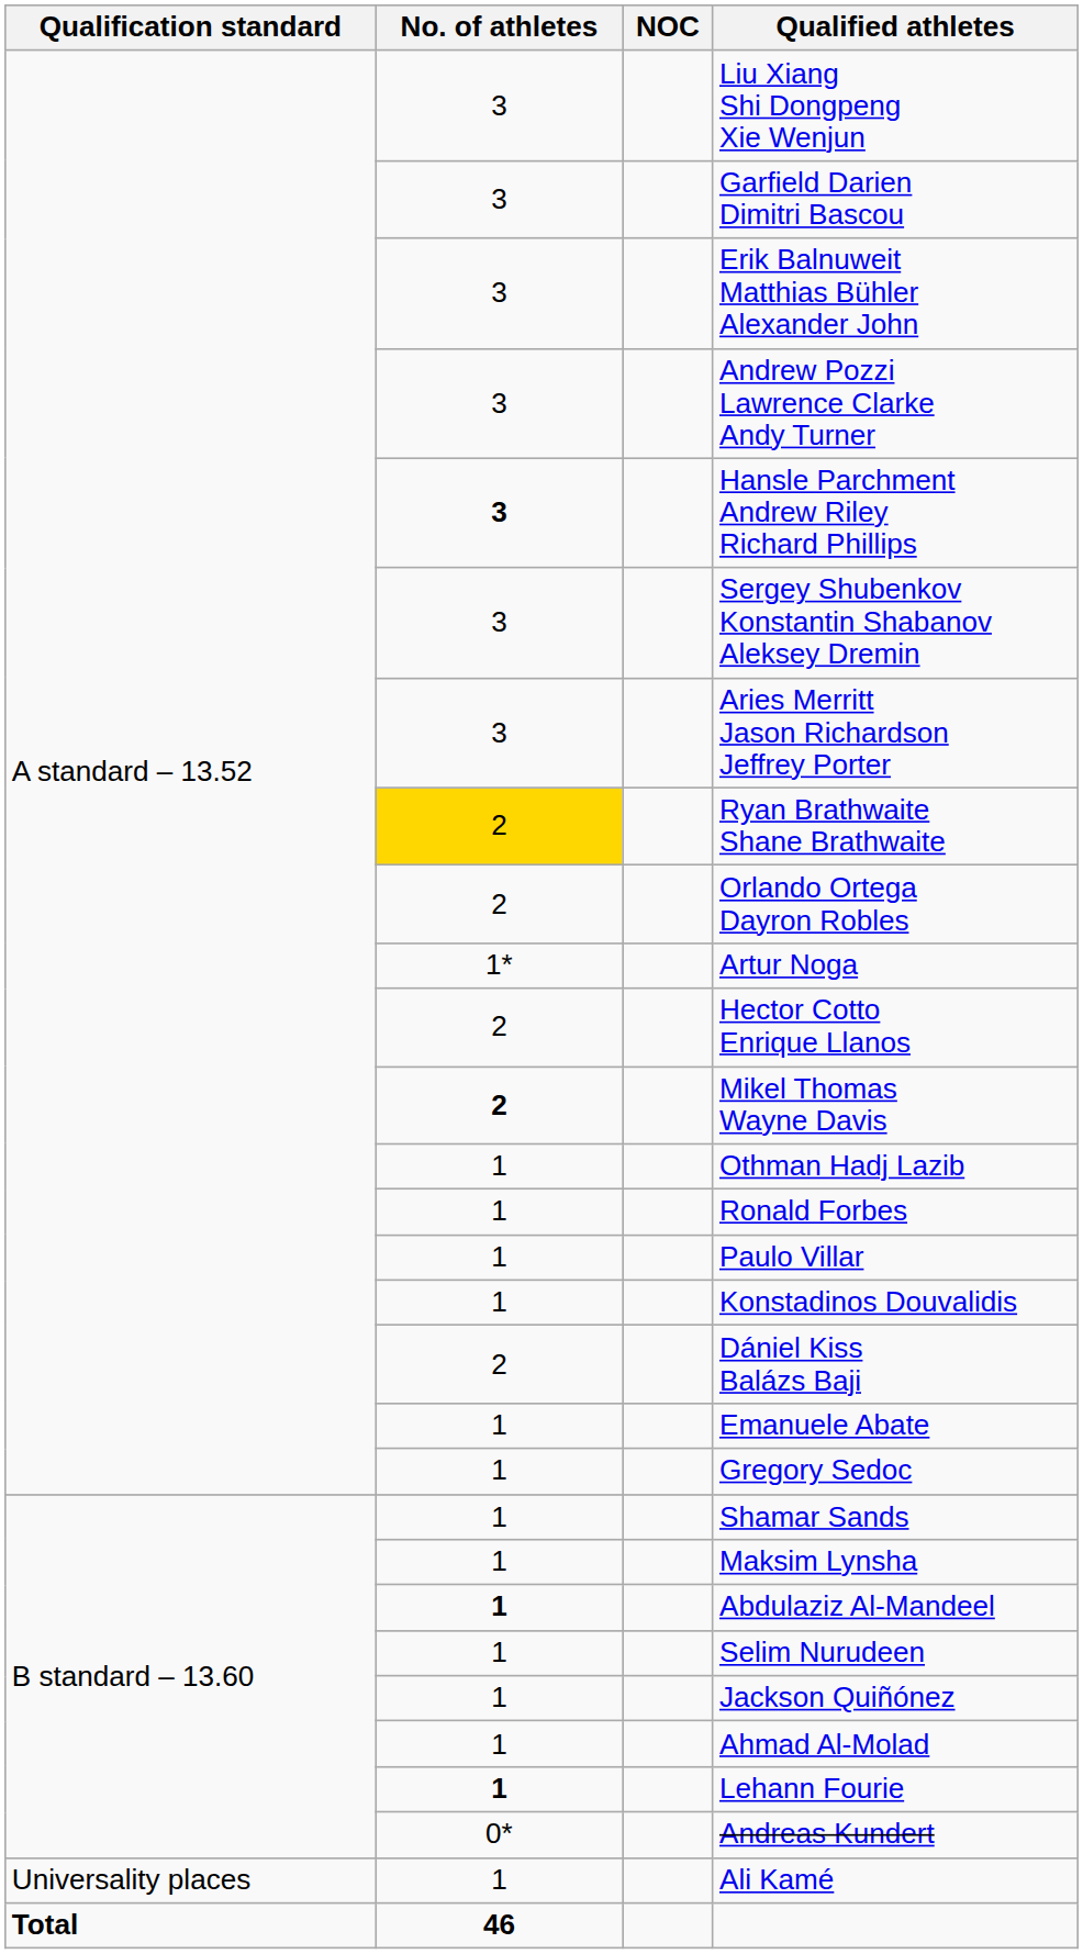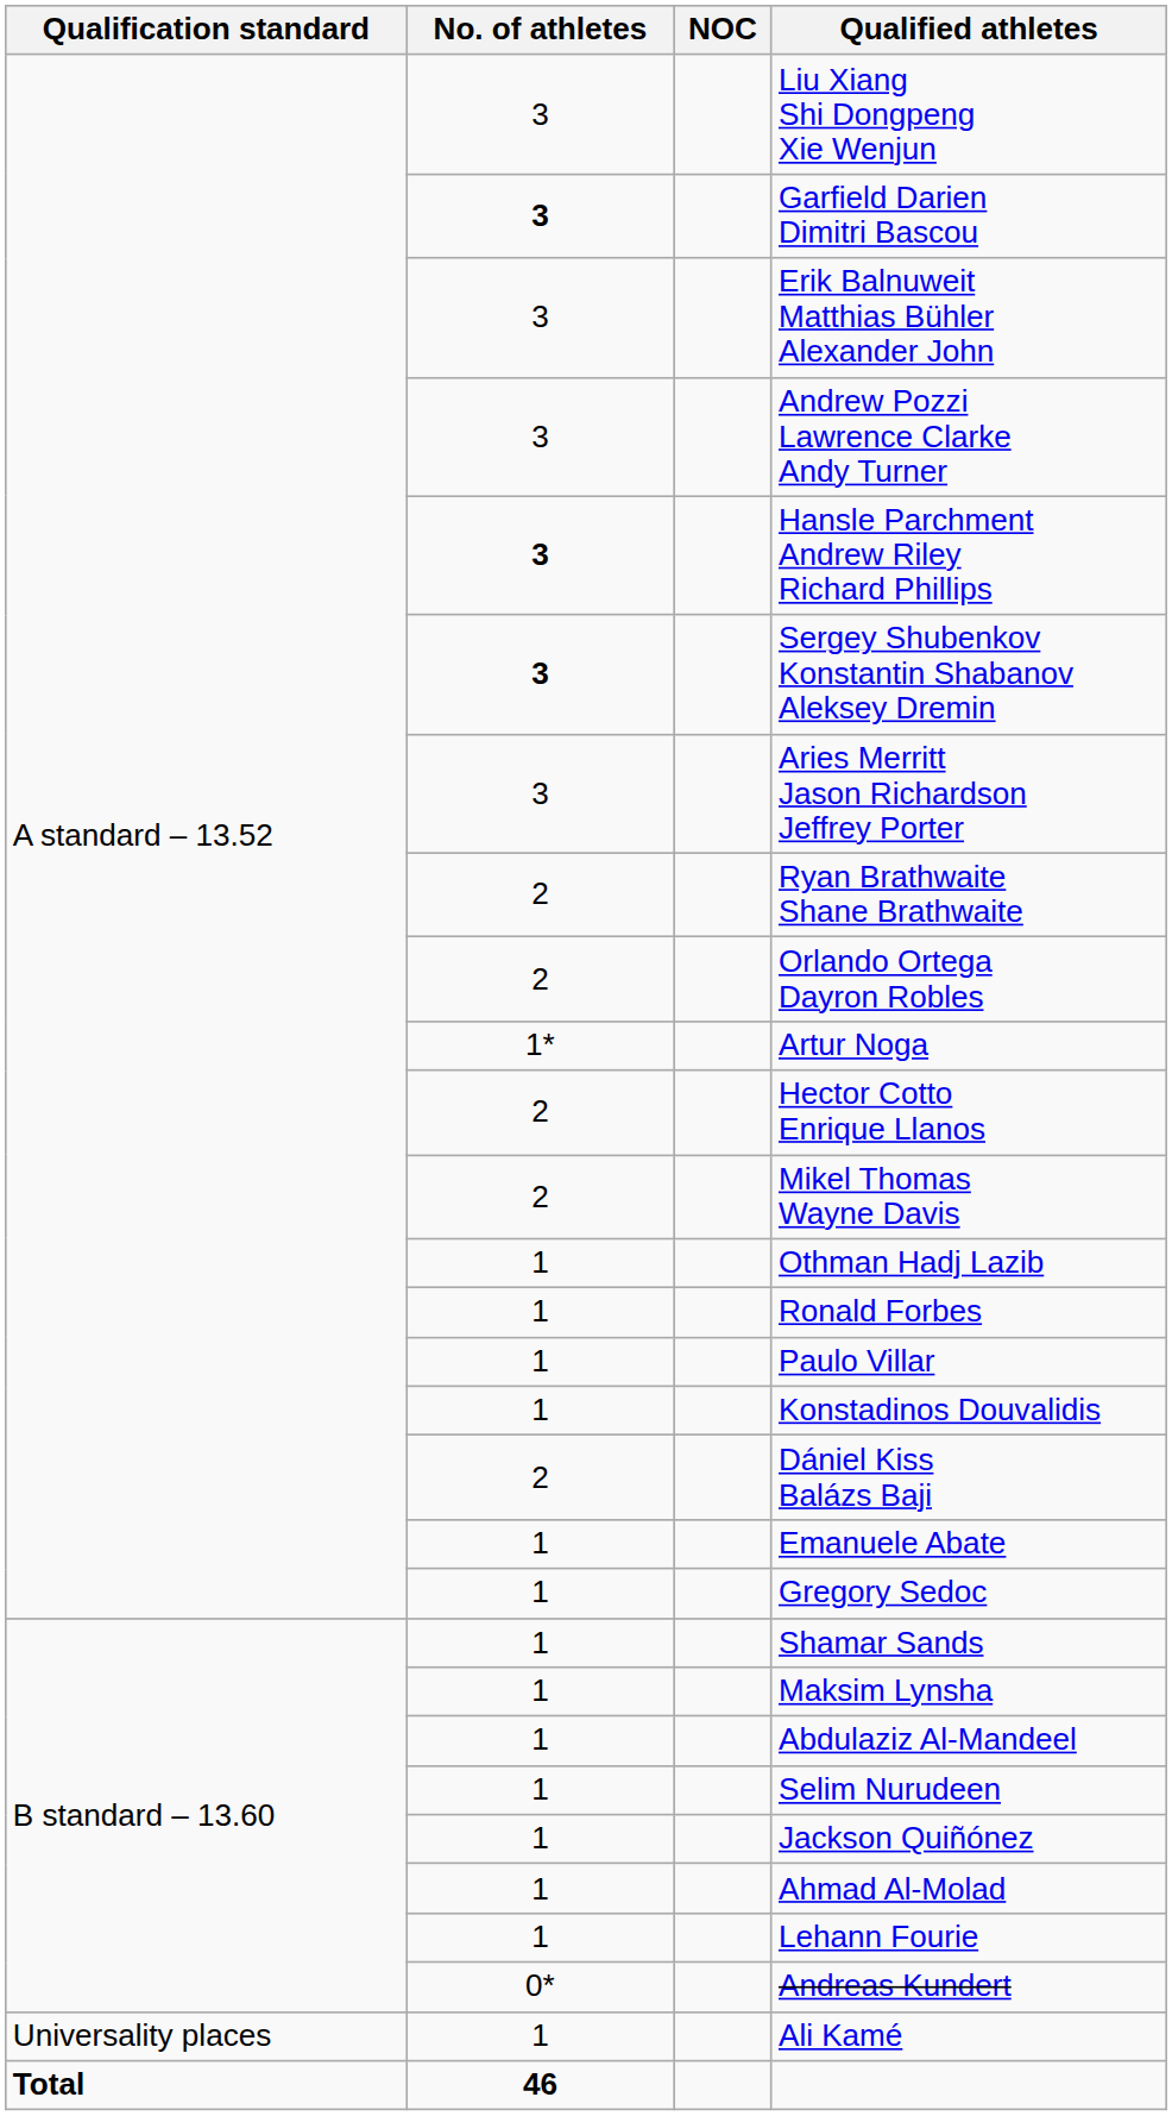 <table class="wikitable"  style="text-align:left; width:600px;">
 <tr>
 <th>Qualification standard</th>
 <th>No. of athletes</th>
 <th>NOC</th>
 <th>Qualified athletes</th>
 </tr>
 <tr>
 <td rowspan="19">A standard – 13.52</td>
 <td align=center>3</td>
 <td></td>
 <td><a href='#'>Liu Xiang</a><br><a href='#'>Shi Dongpeng</a><br><a href='#'>Xie Wenjun</a></td>
 </tr>
 <tr>
-<td align=center>3</td>
+<td align=center><strong>3</strong></td>
 <td></td>
 <td><a href='#'>Garfield Darien</a> <br> <a href='#'>Dimitri Bascou</a></td>
 </tr>
 <tr>
 <td align=center>3</td>
 <td></td>
 <td><a href='#'>Erik Balnuweit</a><br><a href='#'>Matthias Bühler</a><br><a href='#'>Alexander John</a></td>
 </tr>
 <tr>
 <td align=center>3</td>
 <td></td>
 <td><a href='#'>Andrew Pozzi</a><br><a href='#'>Lawrence Clarke</a><br><a href='#'>Andy Turner</a></td>
 </tr>
 <tr>
 <td align=center><strong>3</strong></td>
 <td></td>
 <td><a href='#'>Hansle Parchment</a><br><a href='#'>Andrew Riley</a><br><a href='#'>Richard Phillips</a></td>
 </tr>
 <tr>
-<td align=center>3</td>
+<td align=center><strong>3</strong></td>
 <td></td>
 <td><a href='#'>Sergey Shubenkov</a><br><a href='#'>Konstantin Shabanov</a><br><a href='#'>Aleksey Dremin</a></td>
 </tr>
 <tr>
 <td align=center>3</td>
 <td></td>
 <td><a href='#'>Aries Merritt</a><br><a href='#'>Jason Richardson</a><br><a href='#'>Jeffrey Porter</a></td>
 </tr>
 <tr>
-<td align=center style="background: gold;">2</td>
+<td align=center>2</td>
 <td></td>
 <td><a href='#'>Ryan Brathwaite</a><br><a href='#'>Shane Brathwaite</a></td>
 </tr>
 <tr>
 <td align=center>2</td>
 <td></td>
 <td><a href='#'>Orlando Ortega</a><br><a href='#'>Dayron Robles</a></td>
 </tr>
 <tr>
 <td align=center>1*</td>
 <td></td>
 <td><a href='#'>Artur Noga</a></td>
 </tr>
 <tr>
 <td align=center>2</td>
 <td></td>
 <td><a href='#'>Hector Cotto</a><br><a href='#'>Enrique Llanos</a></td>
 </tr>
 <tr>
-<td align=center><strong>2</strong></td>
+<td align=center>2</td>
 <td></td>
 <td><a href='#'>Mikel Thomas</a><br><a href='#'>Wayne Davis</a></td>
 </tr>
 <tr>
 <td align=center>1</td>
 <td></td>
 <td><a href='#'>Othman Hadj Lazib</a></td>
 </tr>
 <tr>
 <td align=center>1</td>
 <td></td>
 <td><a href='#'>Ronald Forbes</a></td>
 </tr>
 <tr>
 <td align=center>1</td>
 <td></td>
 <td><a href='#'>Paulo Villar</a></td>
 </tr>
 <tr>
 <td align=center>1</td>
 <td></td>
 <td><a href='#'>Konstadinos Douvalidis</a></td>
 </tr>
 <tr>
 <td align=center>2</td>
 <td></td>
 <td><a href='#'>Dániel Kiss</a><br><a href='#'>Balázs Baji</a></td>
 </tr>
 <tr>
 <td align=center>1</td>
 <td></td>
 <td><a href='#'>Emanuele Abate</a></td>
 </tr>
 <tr>
 <td align=center>1</td>
 <td></td>
 <td><a href='#'>Gregory Sedoc</a></td>
 </tr>
 <tr>
 <td rowspan="8">B standard – 13.60</td>
 <td align=center>1</td>
 <td></td>
 <td><a href='#'>Shamar Sands</a></td>
 </tr>
 <tr>
 <td align=center>1</td>
 <td></td>
 <td><a href='#'>Maksim Lynsha</a></td>
 </tr>
 <tr>
-<td align=center><strong>1</strong></td>
+<td align=center>1</td>
 <td></td>
 <td><a href='#'>Abdulaziz Al-Mandeel</a></td>
 </tr>
 <tr>
 <td align=center>1</td>
 <td></td>
 <td><a href='#'>Selim Nurudeen</a></td>
 </tr>
 <tr>
 <td align=center>1</td>
 <td></td>
 <td><a href='#'>Jackson Quiñónez</a></td>
 </tr>
 <tr>
 <td align=center>1</td>
 <td></td>
 <td><a href='#'>Ahmad Al-Molad</a></td>
 </tr>
 <tr>
-<td align=center><strong>1</strong></td>
+<td align=center>1</td>
 <td></td>
 <td><a href='#'>Lehann Fourie</a></td>
 </tr>
 <tr>
 <td align=center>0*</td>
 <td></td>
 <td><s><a href='#'>Andreas Kundert</a></s></td>
 </tr>
 <tr>
 <td>Universality places</td>
 <td align=center>1</td>
 <td></td>
 <td><a href='#'>Ali Kamé</a></td>
 </tr>
 <tr>
 <td><strong>Total</strong></td>
 <td align=center><strong>46</strong></td>
 <td></td>
 </tr>
 </table>
